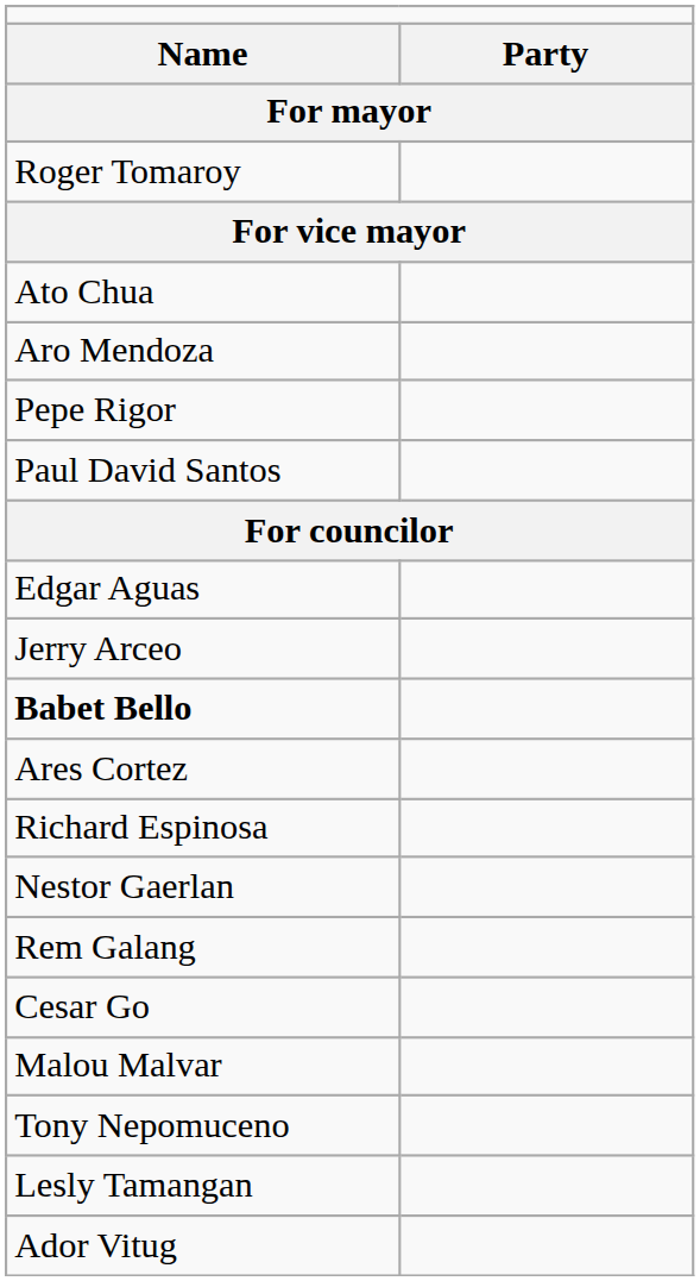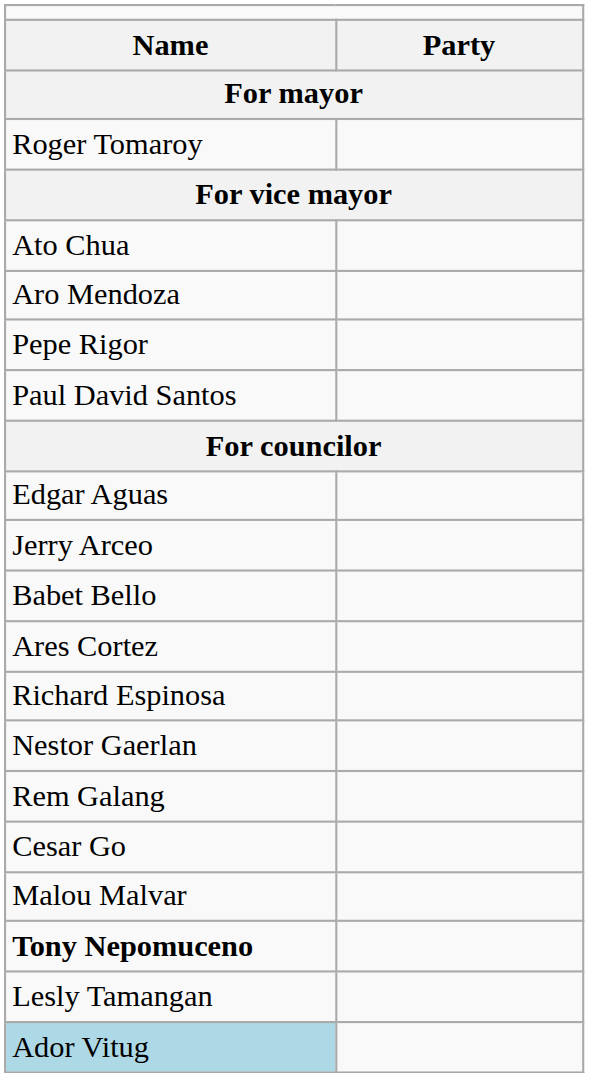 <table class=wikitable style="font-size:90%">
 <tr>
 <td colspan=4 bgcolor=></td>
 </tr>
 <tr>
 <th width=150px>Name</th>
 <th colspan=2 width=110px>Party</th>
 </tr>
 <tr>
 <th colspan=3>For mayor</th>
 </tr>
 <tr>
 <td>Roger Tomaroy</td>
 <td></td>
 </tr>
 <tr>
 <th colspan=3>For vice mayor</th>
 </tr>
 <tr>
 <td>Ato Chua</td>
 <td></td>
 </tr>
 <tr>
 <td>Aro Mendoza</td>
 <td></td>
 </tr>
 <tr>
 <td>Pepe Rigor</td>
 <td></td>
 </tr>
 <tr>
 <td>Paul David Santos</td>
 <td></td>
 </tr>
 <tr>
 <th colspan=3>For councilor</th>
 </tr>
 <tr>
 <td>Edgar Aguas</td>
 <td></td>
 </tr>
 <tr>
 <td>Jerry Arceo</td>
 <td></td>
 </tr>
 <tr>
-<td><strong>Babet Bello</strong></td>
+<td>Babet Bello</td>
 <td></td>
 </tr>
 <tr>
 <td>Ares Cortez</td>
 <td></td>
 </tr>
 <tr>
 <td>Richard Espinosa</td>
 <td></td>
 </tr>
 <tr>
 <td>Nestor Gaerlan</td>
 <td></td>
 </tr>
 <tr>
 <td>Rem Galang</td>
 <td></td>
 </tr>
 <tr>
 <td>Cesar Go</td>
 <td></td>
 </tr>
 <tr>
 <td>Malou Malvar</td>
 <td></td>
 </tr>
 <tr>
-<td>Tony Nepomuceno</td>
+<td><strong>Tony Nepomuceno</strong></td>
 <td></td>
 </tr>
 <tr>
 <td>Lesly Tamangan</td>
 <td></td>
 </tr>
 <tr>
-<td>Ador Vitug</td>
+<td style="background: lightblue;">Ador Vitug</td>
 <td></td>
 </tr>
 <tr>
 </tr>
 </table>
